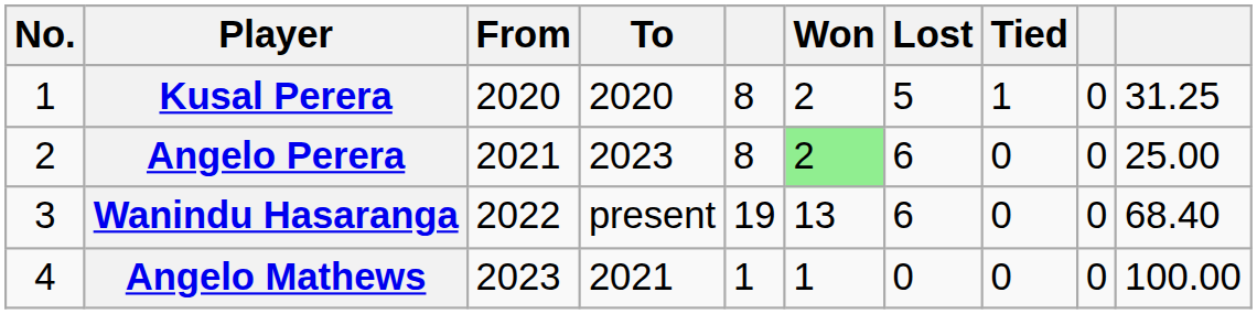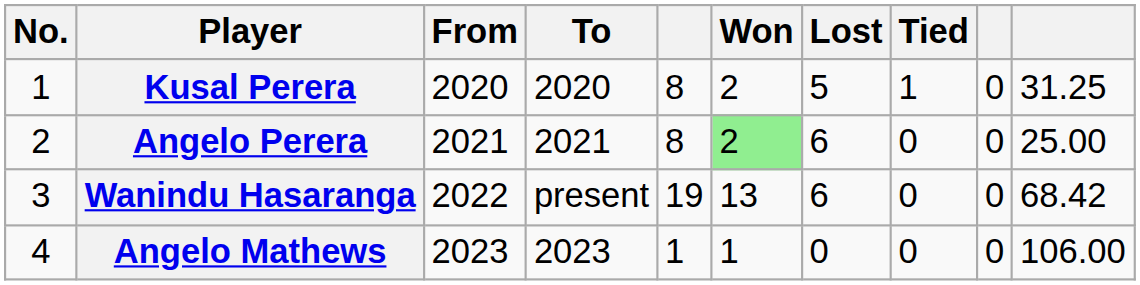 <table class="wikitable">
 <tr>
 <th>No.</th>
 <th>Player</th>
 <th>From</th>
 <th>To</th>
 <th></th>
 <th>Won</th>
 <th>Lost</th>
 <th>Tied</th>
 <th></th>
 <th></th>
 </tr>
 <tr>
 <td style="text-align:center;">1</td>
 <th><a href='#'>Kusal Perera</a></th>
 <td>2020</td>
 <td>2020</td>
 <td>8</td>
 <td>2</td>
 <td>5</td>
 <td>1</td>
 <td>0</td>
 <td>31.25</td>
 </tr>
 <tr>
 <td style="text-align:center;">2</td>
 <th><a href='#'>Angelo Perera</a></th>
 <td>2021</td>
-<td>2023</td>
+<td>2021</td>
 <td>8</td>
 <td style="background: lightgreen;">2</td>
 <td>6</td>
 <td>0</td>
 <td>0</td>
 <td>25.00</td>
 </tr>
 <tr>
 <td style="text-align:center;">3</td>
 <th><a href='#'>Wanindu Hasaranga</a></th>
 <td>2022</td>
 <td>present</td>
 <td>19</td>
 <td>13</td>
 <td>6</td>
 <td>0</td>
 <td>0</td>
-<td>68.40</td>
+<td>68.42</td>
 </tr>
 <tr>
 <td style="text-align:center;">4</td>
 <th><a href='#'>Angelo Mathews</a></th>
 <td>2023</td>
-<td>2021</td>
+<td>2023</td>
 <td>1</td>
 <td>1</td>
 <td>0</td>
 <td>0</td>
 <td>0</td>
-<td>100.00</td>
+<td>106.00</td>
 </tr>
 </table>
